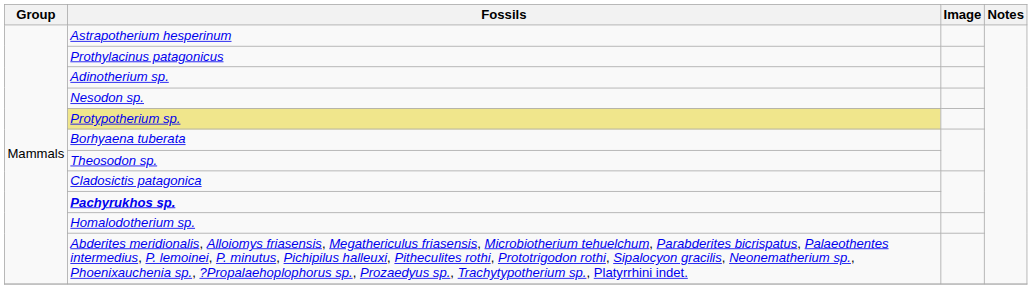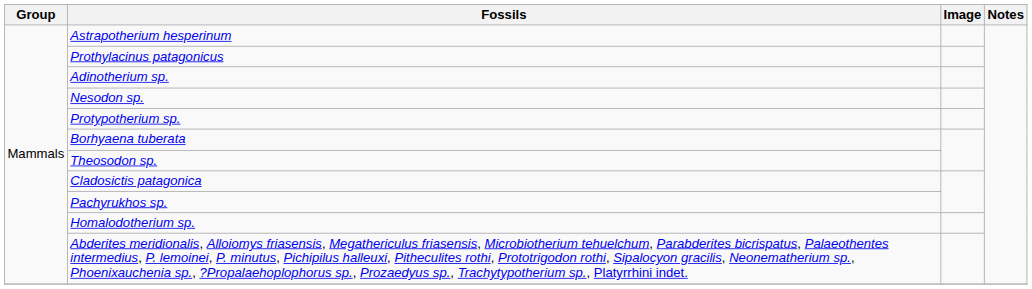 <table class="wikitable sortable">
 <tr>
 <th>Group</th>
 <th>Fossils</th>
 <th>Image</th>
 <th class=unsortable>Notes</th>
 </tr>
 <tr>
 <td rowspan=11>Mammals</td>
 <td><em><a href='#'>Astrapotherium hesperinum</a></em></td>
 <td></td>
 <td rowspan=11></td>
 </tr>
 <tr>
 <td><em><a href='#'>Prothylacinus patagonicus</a></em></td>
 <td></td>
 </tr>
 <tr>
 <td><em><a href='#'>Adinotherium sp.</a></em></td>
 <td></td>
 </tr>
 <tr>
 <td><em><a href='#'>Nesodon sp.</a></em></td>
 <td></td>
 </tr>
 <tr>
-<td style="background: khaki;"><em><a href='#'>Protypotherium sp.</a></em></td>
+<td><em><a href='#'>Protypotherium sp.</a></em></td>
 <td></td>
 </tr>
 <tr>
 <td><em><a href='#'>Borhyaena tuberata</a></em></td>
 <td rowspan=2></td>
 </tr>
 <tr>
 <td><em><a href='#'>Theosodon sp.</a></em></td>
 </tr>
 <tr>
 <td><em><a href='#'>Cladosictis patagonica</a></em></td>
 <td rowspan=2></td>
 </tr>
 <tr>
-<td><strong><em><a href='#'>Pachyrukhos sp.</a></em></strong></td>
+<td><em><a href='#'>Pachyrukhos sp.</a></em></td>
 </tr>
 <tr>
 <td><em><a href='#'>Homalodotherium sp.</a></em></td>
 <td></td>
 </tr>
 <tr>
 <td><em><a href='#'>Abderites meridionalis</a></em>, <em><a href='#'>Alloiomys friasensis</a></em>, <em><a href='#'>Megathericulus friasensis</a></em>, <em><a href='#'>Microbiotherium tehuelchum</a></em>, <em><a href='#'>Parabderites bicrispatus</a></em>, <em><a href='#'>Palaeothentes intermedius</a></em>, <em><a href='#'>P. lemoinei</a></em>, <em><a href='#'>P. minutus</a></em>, <em><a href='#'>Pichipilus halleuxi</a></em>, <em><a href='#'>Pitheculites rothi</a></em>, <em><a href='#'>Prototrigodon rothi</a></em>, <em><a href='#'>Sipalocyon gracilis</a></em>, <em><a href='#'>Neonematherium sp.</a></em>, <em><a href='#'>Phoenixauchenia sp.</a></em>, <em><a href='#'>?Propalaehoplophorus sp.</a></em>, <em><a href='#'>Prozaedyus sp.</a></em>, <em><a href='#'>Trachytypotherium sp.</a></em>, <a href='#'>Platyrrhini indet.</a></td>
 <td></td>
 </tr>
 <tr>
 </tr>
 </table>
